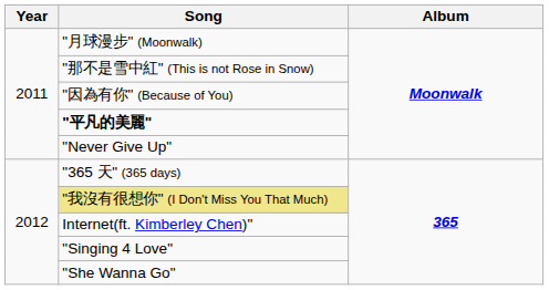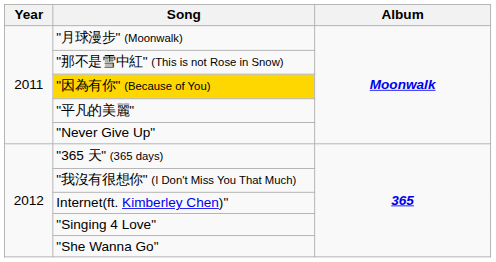 <table class="wikitable">
 <tr>
 <th style="width:50px;">Year</th>
 <th style="width:300px;">Song</th>
 <th style="width:200px;">Album</th>
 </tr>
 <tr>
 <td rowspan=5 style="text-align:center">2011</td>
 <td>"月球漫步" <small> (Moonwalk) </small></td>
 <td rowspan=5 style="text-align:center"><strong><em><a href='#'>Moonwalk</a></em></strong></td>
 </tr>
 <tr>
 <td>"那不是雪中紅" <small> (This is not Rose in Snow)</small></td>
 </tr>
 <tr>
-<td>"因為有你" <small>(Because of You)</small></td>
+<td style="background: gold;">"因為有你" <small>(Because of You)</small></td>
 </tr>
 <tr>
-<td><strong>"平凡的美麗"</strong></td>
+<td>"平凡的美麗"</td>
 </tr>
 <tr>
 <td>"Never Give Up"</td>
 </tr>
 <tr>
 <td rowspan=5 style="text-align:center">2012</td>
 <td>"365 天" <small> (365 days) </small></td>
 <td rowspan=5 style="text-align:center"><strong><em><a href='#'>365</a></em></strong></td>
 </tr>
 <tr>
-<td style="background: khaki;">"我沒有很想你" <small>(I Don't Miss You That Much)</small></td>
+<td>"我沒有很想你" <small>(I Don't Miss You That Much)</small></td>
 </tr>
 <tr>
 <td>Internet(ft. <a href='#'>Kimberley Chen</a>)"</td>
 </tr>
 <tr>
 <td>"Singing 4 Love"</td>
 </tr>
 <tr>
 <td>"She Wanna Go"</td>
 </tr>
 </table>
